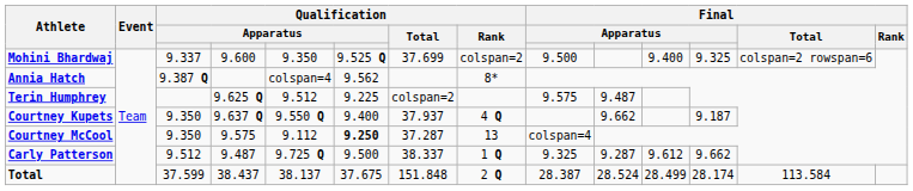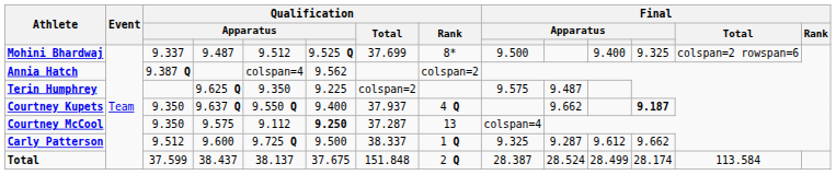 <table class=wikitable style=font-size:90%;text-align:center>
 <tr>
 <th rowspan=3>Athlete</th>
 <th rowspan=3>Event</th>
 <th colspan=6>Qualification</th>
 <th colspan=6>Final</th>
 </tr>
 <tr style=font-size:95%>
 <th colspan=4>Apparatus</th>
 <th rowspan=2>Total</th>
 <th rowspan=2>Rank</th>
 <th colspan=4>Apparatus</th>
 <th rowspan=2>Total</th>
 <th rowspan=2>Rank</th>
 </tr>
 <tr style=font-size:95%>
 <th></th>
 <th></th>
 <th></th>
 <th></th>
 <th></th>
 <th></th>
 <th></th>
 <th></th>
 </tr>
 <tr>
 <td align=left><strong><a href='#'>Mohini Bhardwaj</a></strong></td>
 <td align=left rowspan=7><a href='#'>Team</a></td>
 <td>9.337</td>
-<td>9.600</td>
-<td>9.350</td>
+<td>9.487</td>
+<td>9.512</td>
 <td>9.525 <strong>Q</strong></td>
 <td>37.699</td>
-<td>colspan=2 </td>
+<td>8*</td>
 <td>9.500</td>
 <td></td>
 <td>9.400</td>
 <td>9.325</td>
 <td>colspan=2 rowspan=6 </td>
 </tr>
 <tr>
 <td align=left><strong><a href='#'>Annia Hatch</a></strong></td>
 <td>9.387 <strong>Q</strong></td>
 <td></td>
 <td>colspan=4 </td>
 <td>9.562</td>
 <td></td>
-<td>8*</td>
+<td>colspan=2 </td>
 </tr>
 <tr>
 <td align=left><strong><a href='#'>Terin Humphrey</a></strong></td>
 <td></td>
 <td>9.625 <strong>Q</strong></td>
-<td>9.512</td>
+<td>9.350</td>
 <td>9.225</td>
 <td>colspan=2 </td>
 <td></td>
 <td>9.575</td>
 <td>9.487</td>
 <td></td>
 </tr>
 <tr>
 <td align=left><strong><a href='#'>Courtney Kupets</a></strong></td>
 <td>9.350</td>
 <td>9.637 <strong>Q</strong></td>
 <td>9.550 <strong>Q</strong></td>
 <td>9.400</td>
 <td>37.937</td>
 <td>4 <strong>Q</strong></td>
 <td></td>
 <td>9.662</td>
 <td></td>
-<td>9.187</td>
+<td><strong>9.187</strong></td>
 </tr>
 <tr>
 <td align=left><strong><a href='#'>Courtney McCool</a></strong></td>
 <td>9.350</td>
 <td>9.575</td>
 <td>9.112</td>
 <td><strong>9.250</strong></td>
 <td>37.287</td>
 <td>13</td>
 <td>colspan=4 </td>
 </tr>
 <tr>
 <td align=left><strong><a href='#'>Carly Patterson</a></strong></td>
 <td>9.512</td>
-<td>9.487</td>
+<td>9.600</td>
 <td>9.725 <strong>Q</strong></td>
 <td>9.500</td>
 <td>38.337</td>
 <td>1 <strong>Q</strong></td>
 <td>9.325</td>
 <td>9.287</td>
 <td>9.612</td>
 <td>9.662</td>
 </tr>
 <tr>
 <td align=left><strong>Total</strong></td>
 <td>37.599</td>
 <td>38.437</td>
 <td>38.137</td>
 <td>37.675</td>
 <td>151.848</td>
 <td>2 <strong>Q</strong></td>
 <td>28.387</td>
 <td>28.524</td>
 <td>28.499</td>
 <td>28.174</td>
 <td>113.584</td>
 <td></td>
 </tr>
 </table>
